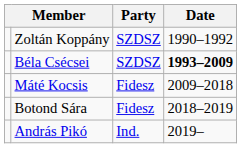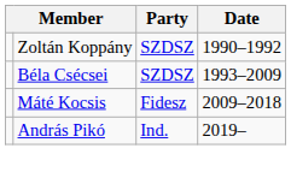 <table class=wikitable>
 <tr>
 <th colspan=2>Member</th>
 <th>Party</th>
 <th>Date</th>
 </tr>
 <tr>
 <td style="background-color:"></td>
 <td>Zoltán Koppány</td>
 <td><a href='#'>SZDSZ</a></td>
 <td>1990–1992</td>
 </tr>
 <tr>
 <td style="background-color:"></td>
 <td><a href='#'>Béla Csécsei</a></td>
 <td><a href='#'>SZDSZ</a></td>
-<td><strong>1993–2009</strong></td>
+<td>1993–2009</td>
 </tr>
 <tr>
 <td style="background-color:"></td>
 <td><a href='#'>Máté Kocsis</a></td>
 <td><a href='#'>Fidesz</a></td>
 <td>2009–2018</td>
 </tr>
 <tr>
 <td style="background-color:"></td>
-<td>Botond Sára</td>
-<td><a href='#'>Fidesz</a></td>
-<td>2018–2019</td>
-</tr>
-<tr>
-<td style="background-color:"></td>
 <td><a href='#'>András Pikó</a></td>
 <td><a href='#'>Ind.</a></td>
 <td>2019–</td>
 </tr>
 </table>
